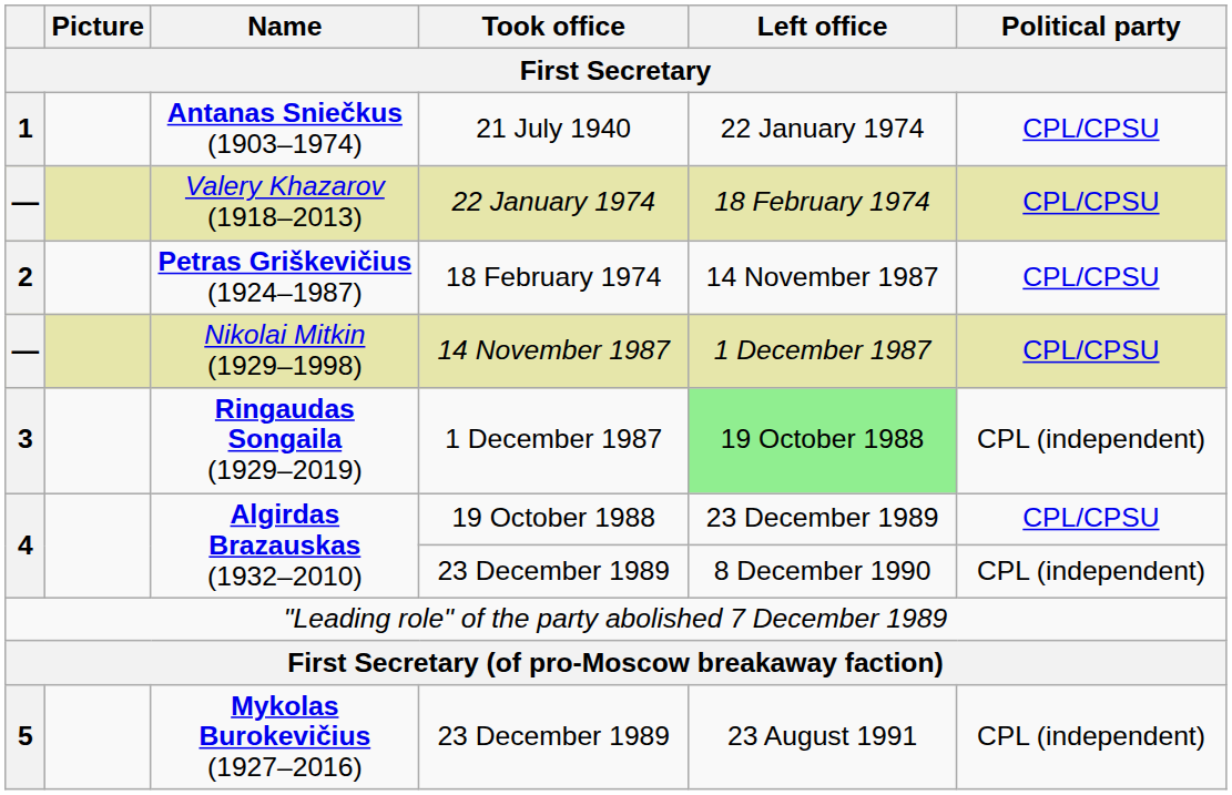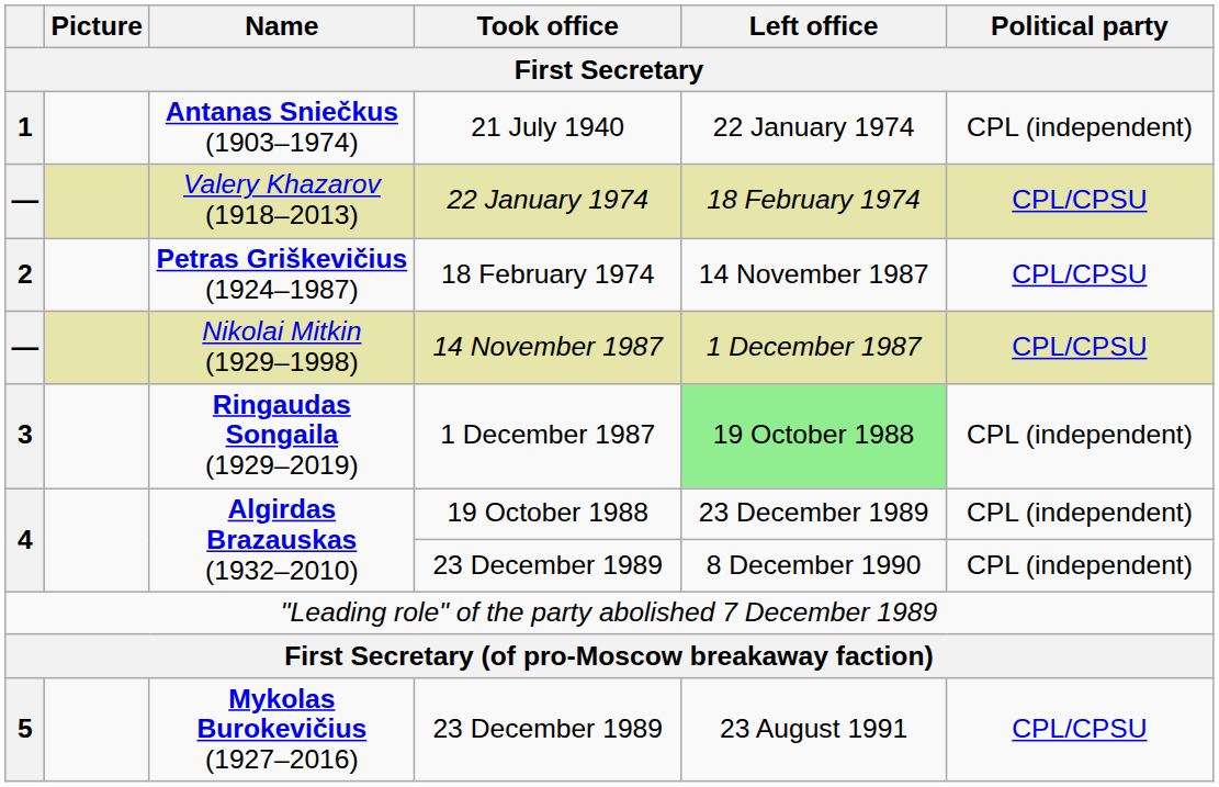 <table class="wikitable" style="text-align:center">
 <tr>
 <th></th>
 <th>Picture</th>
 <th width="150">Name<br></th>
 <th width="150">Took office</th>
 <th width="150">Left office</th>
 <th width="150">Political party</th>
 </tr>
 <tr>
 <th colspan="6" align="center">First Secretary</th>
 </tr>
 <tr>
 <th style="background:">1</th>
 <td></td>
 <td><strong><a href='#'>Antanas Sniečkus</a></strong><br>(1903–1974)</td>
 <td>21 July 1940</td>
 <td>22 January 1974</td>
-<td><a href='#'>CPL/CPSU</a></td>
+<td>CPL (independent)</td>
 </tr>
 <tr bgcolor=#E6E6AA>
 <th style="background:">—</th>
 <td></td>
 <td><em><a href='#'>Valery Khazarov</a></em><br>(1918–2013)</td>
 <td><em>22 January 1974</em></td>
 <td><em>18 February 1974</em></td>
 <td><a href='#'>CPL/CPSU</a></td>
 </tr>
 <tr>
 <th style="background:">2</th>
 <td></td>
 <td><strong><a href='#'>Petras Griškevičius</a></strong><br>(1924–1987)</td>
 <td>18 February 1974</td>
 <td>14 November 1987</td>
 <td><a href='#'>CPL/CPSU</a></td>
 </tr>
 <tr bgcolor=#E6E6AA>
 <th style="background:">—</th>
 <td></td>
 <td><em><a href='#'>Nikolai Mitkin</a></em><br>(1929–1998)</td>
 <td><em>14 November 1987</em></td>
 <td><em>1 December 1987</em></td>
 <td><a href='#'>CPL/CPSU</a></td>
 </tr>
 <tr>
 <th style="background:">3</th>
 <td></td>
 <td><strong><a href='#'>Ringaudas Songaila</a></strong><br>(1929–2019)</td>
 <td>1 December 1987</td>
 <td style="background: lightgreen;">19 October 1988</td>
 <td>CPL (independent)</td>
 </tr>
 <tr>
 <th rowspan=2 style="background:">4</th>
 <td rowspan=2></td>
 <td rowspan=2><strong><a href='#'>Algirdas Brazauskas</a></strong><br>(1932–2010)</td>
 <td>19 October 1988</td>
 <td>23 December 1989</td>
-<td><a href='#'>CPL/CPSU</a></td>
+<td>CPL (independent)</td>
 </tr>
 <tr>
 <td>23 December 1989</td>
 <td>8 December 1990</td>
 <td>CPL (independent)</td>
 </tr>
 <tr>
 <td colspan=6><em>"Leading role" of the party abolished 7 December 1989</em></td>
 </tr>
 <tr>
 <th colspan="6" align="center">First Secretary (of pro-Moscow breakaway faction)</th>
 </tr>
 <tr>
 <th style="background:">5</th>
 <td></td>
 <td><strong><a href='#'>Mykolas Burokevičius</a></strong><br>(1927–2016)</td>
 <td>23 December 1989</td>
 <td>23 August 1991</td>
-<td>CPL (independent)</td>
+<td><a href='#'>CPL/CPSU</a></td>
 </tr>
 </table>
